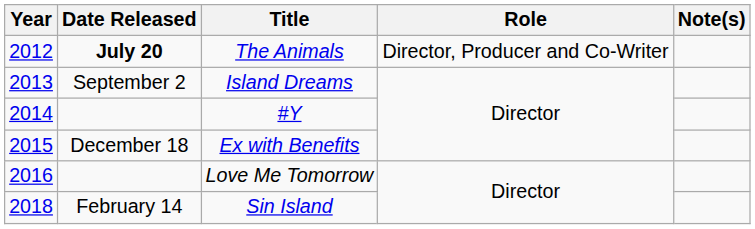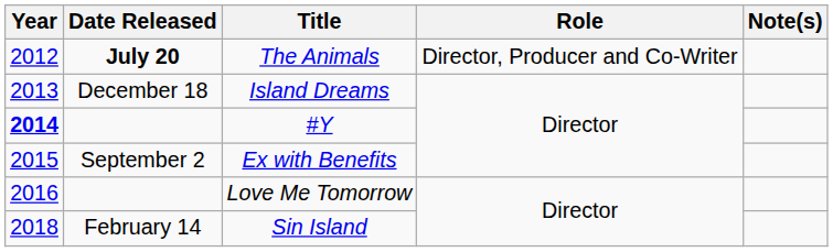 <table class="wikitable" style="text-align:center">
 <tr>
 <th>Year</th>
 <th>Date Released</th>
 <th>Title</th>
 <th>Role</th>
 <th>Note(s)</th>
 </tr>
 <tr>
 <td><a href='#'>2012</a></td>
 <td><strong>July 20</strong></td>
 <td><em><a href='#'>The Animals</a></em></td>
 <td>Director, Producer and Co-Writer</td>
 <td></td>
 </tr>
 <tr>
 <td><a href='#'>2013</a></td>
-<td>September 2</td>
+<td>December 18</td>
 <td><em><a href='#'>Island Dreams</a></em></td>
 <td rowspan=3>Director</td>
 <td></td>
 </tr>
 <tr>
-<td><a href='#'>2014</a></td>
+<td><strong><a href='#'>2014</a></strong></td>
 <td></td>
 <td><em><a href='#'>#Y</a></em></td>
 <td></td>
 </tr>
 <tr>
 <td><a href='#'>2015</a></td>
-<td>December 18</td>
+<td>September 2</td>
 <td><em><a href='#'>Ex with Benefits</a></em></td>
 <td></td>
 </tr>
 <tr>
 <td><a href='#'>2016</a></td>
 <td></td>
 <td><em>Love Me Tomorrow</em></td>
 <td rowspan=4>Director</td>
 <td></td>
 </tr>
 <tr>
 <td><a href='#'>2018</a></td>
 <td>February 14</td>
 <td><em><a href='#'>Sin Island</a></em></td>
 <td></td>
 </tr>
 </table>
